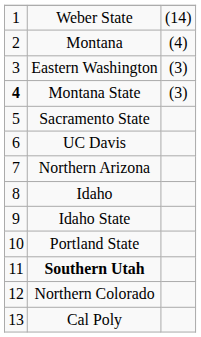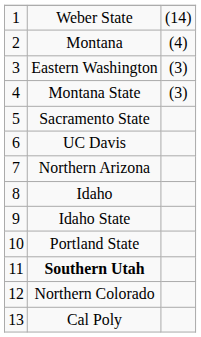 <table class="wikitable" style="display: inline-table;">
 <tr align="center">
 </tr>
 <tr align="center">
 <td>1</td>
 <td>Weber State</td>
 <td>(14)</td>
 </tr>
 <tr align="center">
 <td>2</td>
 <td>Montana</td>
 <td>(4)</td>
 </tr>
 <tr align="center">
 <td>3</td>
 <td>Eastern Washington</td>
 <td>(3)</td>
 </tr>
 <tr align="center">
-<td><strong>4</strong></td>
+<td>4</td>
 <td>Montana State</td>
 <td>(3)</td>
 </tr>
 <tr align="center">
 <td>5</td>
 <td>Sacramento State</td>
 <td></td>
 </tr>
 <tr align="center">
 <td>6</td>
 <td>UC Davis</td>
 <td></td>
 </tr>
 <tr align="center">
 <td>7</td>
 <td>Northern Arizona</td>
 <td></td>
 </tr>
 <tr align="center">
 <td>8</td>
 <td>Idaho</td>
 <td></td>
 </tr>
 <tr align="center">
 <td>9</td>
 <td>Idaho State</td>
 <td></td>
 </tr>
 <tr align="center">
 <td>10</td>
 <td>Portland State</td>
 <td></td>
 </tr>
 <tr align="center">
 <td>11</td>
 <td><strong>Southern Utah</strong></td>
 <td></td>
 </tr>
 <tr align="center">
 <td>12</td>
 <td>Northern Colorado</td>
 <td></td>
 </tr>
 <tr align="center">
 <td>13</td>
 <td>Cal Poly</td>
 <td></td>
 </tr>
 </table>
